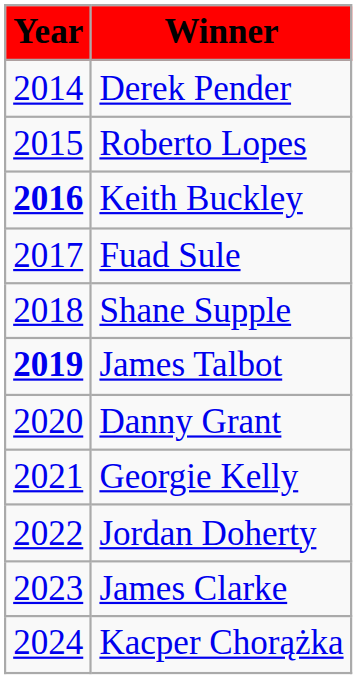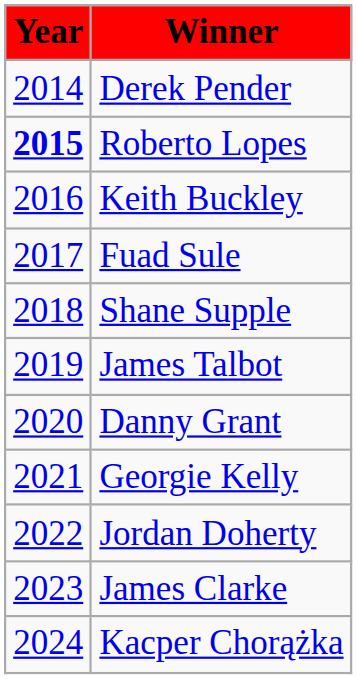 <table class="wikitable">
 <tr>
 <th style="background:red; color:black; text-align:center;">Year</th>
 <th style="background:red; color:black; text-align:center;">Winner</th>
 </tr>
 <tr>
 <td><a href='#'>2014</a></td>
 <td> <a href='#'>Derek Pender</a></td>
 </tr>
 <tr>
-<td><a href='#'>2015</a></td>
+<td><strong><a href='#'>2015</a></strong></td>
 <td> <a href='#'>Roberto Lopes</a></td>
 </tr>
 <tr>
-<td><strong><a href='#'>2016</a></strong></td>
+<td><a href='#'>2016</a></td>
 <td> <a href='#'>Keith Buckley</a></td>
 </tr>
 <tr>
 <td><a href='#'>2017</a></td>
 <td> <a href='#'>Fuad Sule</a></td>
 </tr>
 <tr>
 <td><a href='#'>2018</a></td>
 <td> <a href='#'>Shane Supple</a></td>
 </tr>
 <tr>
-<td><strong><a href='#'>2019</a></strong></td>
+<td><a href='#'>2019</a></td>
 <td> <a href='#'>James Talbot</a></td>
 </tr>
 <tr>
 <td><a href='#'>2020</a></td>
 <td> <a href='#'>Danny Grant</a></td>
 </tr>
 <tr>
 <td><a href='#'>2021</a></td>
 <td> <a href='#'>Georgie Kelly</a></td>
 </tr>
 <tr>
 <td><a href='#'>2022</a></td>
 <td> <a href='#'>Jordan Doherty</a></td>
 </tr>
 <tr>
 <td><a href='#'>2023</a></td>
 <td> <a href='#'>James Clarke</a></td>
 </tr>
 <tr>
 <td><a href='#'>2024</a></td>
 <td> <a href='#'>Kacper Chorążka</a></td>
 </tr>
 </table>
